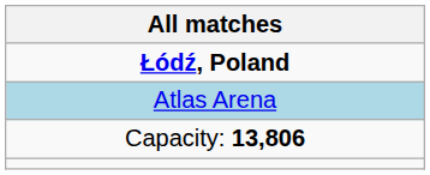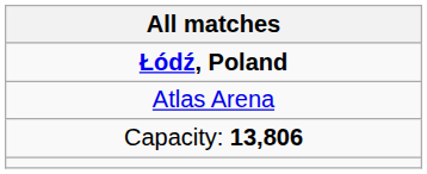 <table class="wikitable" style="text-align:center" width=280>
 <tr>
 <th>All matches</th>
 </tr>
 <tr>
 <td><strong><a href='#'>Łódź</a>, Poland</strong></td>
 </tr>
 <tr>
-<td style="background: lightblue;"><a href='#'>Atlas Arena</a></td>
+<td><a href='#'>Atlas Arena</a></td>
 </tr>
 <tr>
 <td>Capacity: <strong>13,806</strong></td>
 </tr>
 <tr>
 <td></td>
 </tr>
 </table>
